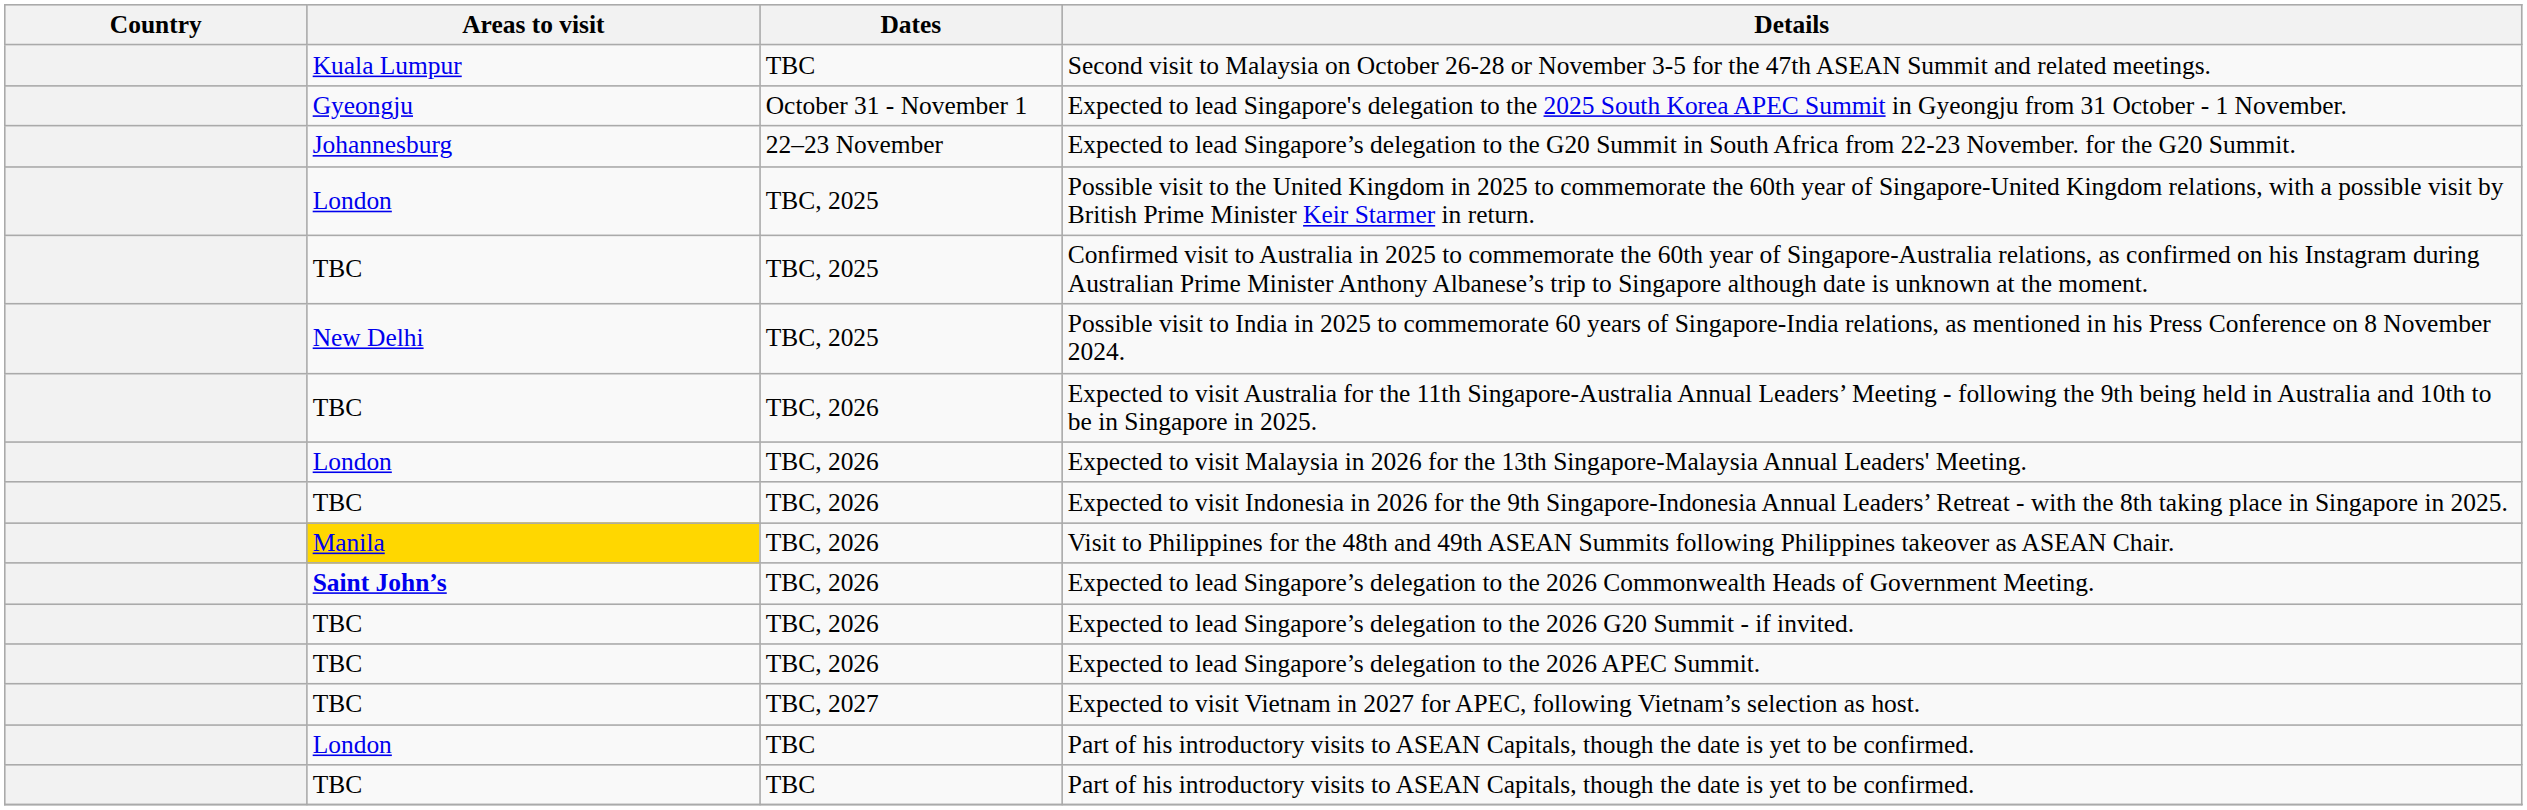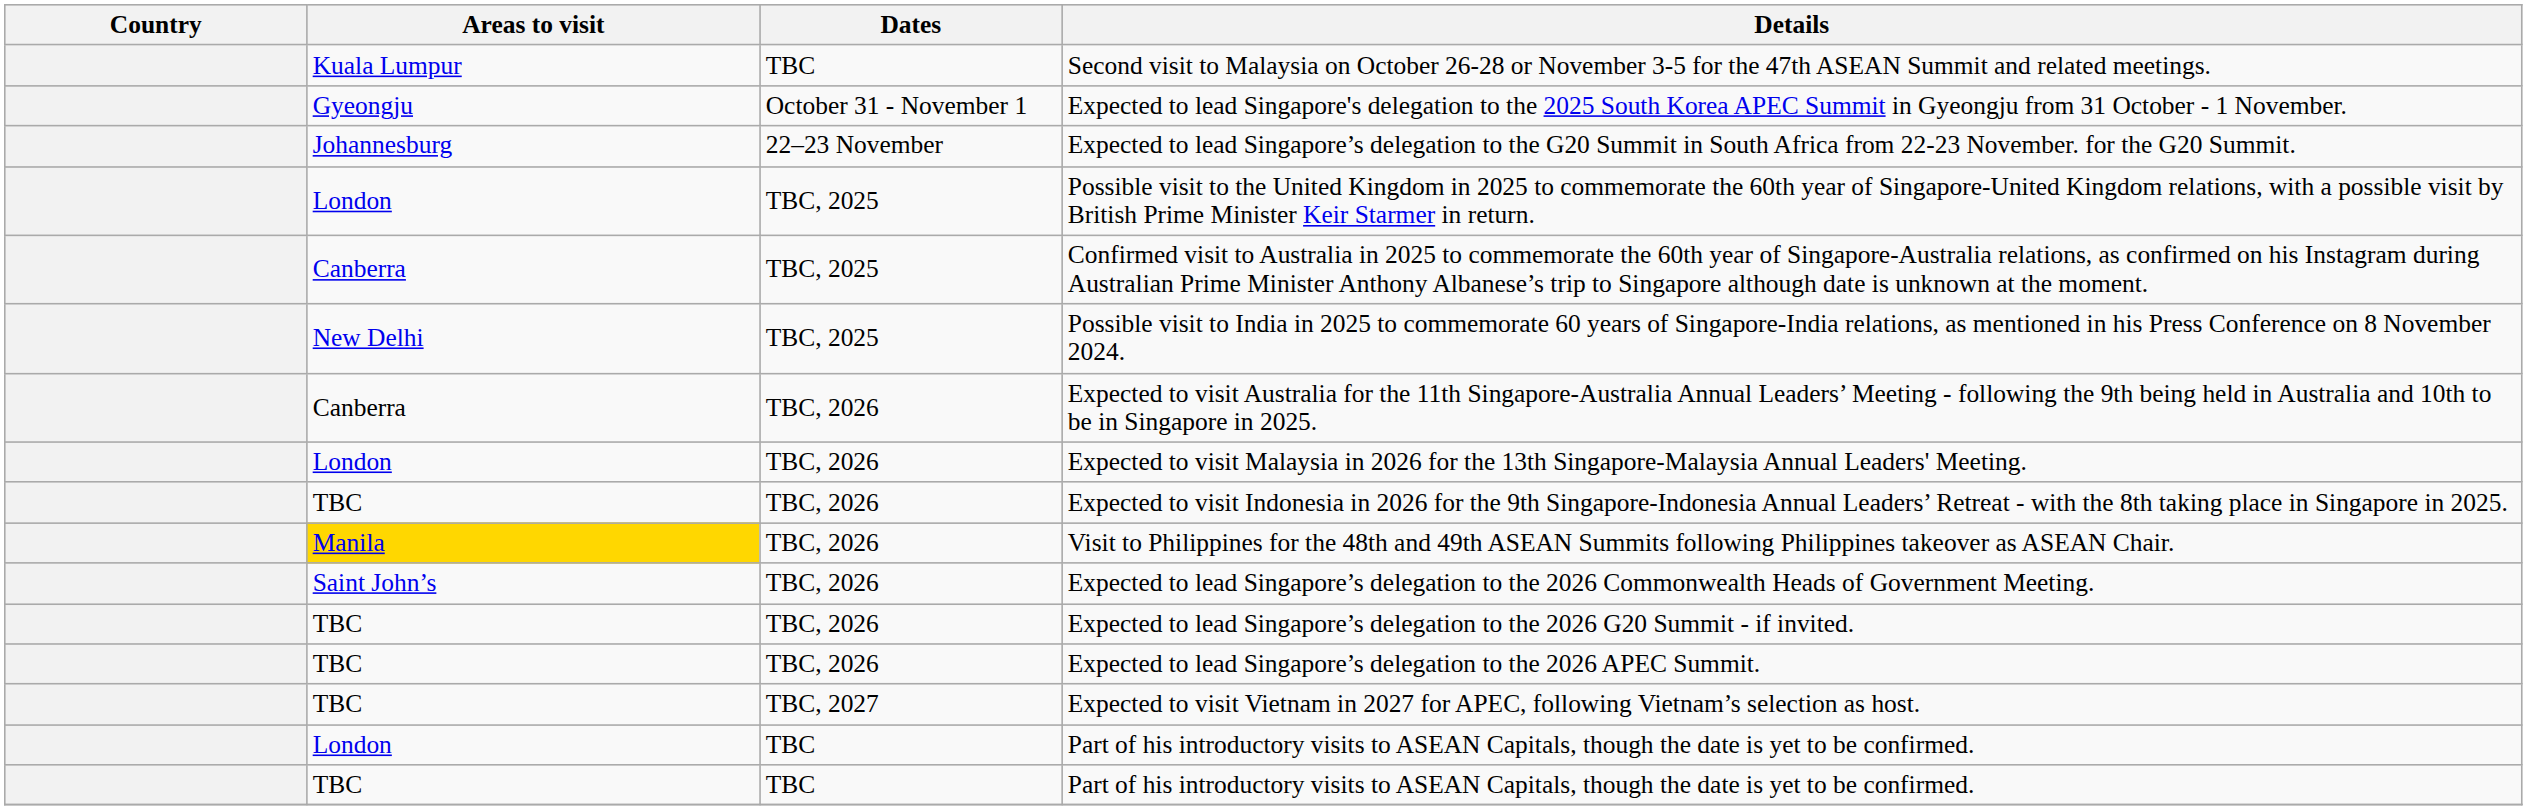 <table class="wikitable sortable" border="1" style="margin: 1em auto 1em auto">
 <tr>
 <th scope="col" style="width: 12%;">Country</th>
 <th scope="col" style="width: 18%;">Areas to visit</th>
 <th scope="col" style="width: 12%;">Dates</th>
 <th scope="col" style="width: 58%;" class="unsortable">Details</th>
 </tr>
 <tr>
 <th scope="row"></th>
 <td><a href='#'>Kuala Lumpur</a></td>
 <td>TBC</td>
 <td>Second visit to Malaysia on October 26-28 or November 3-5 for the 47th ASEAN Summit and related meetings.</td>
 </tr>
 <tr>
 <th scope="row"></th>
 <td><a href='#'>Gyeongju</a></td>
 <td>October 31 - November 1</td>
 <td>Expected to lead Singapore's delegation to the <a href='#'>2025 South Korea APEC Summit</a> in Gyeongju from 31 October - 1 November.</td>
 </tr>
 <tr>
 <th scope="row"></th>
 <td><a href='#'>Johannesburg</a></td>
 <td>22–23 November</td>
 <td>Expected to lead Singapore’s delegation to the G20 Summit in South Africa from 22-23 November. for the G20 Summit.</td>
 </tr>
 <tr>
 <th scope="row"></th>
 <td><a href='#'>London</a></td>
 <td>TBC, 2025</td>
 <td>Possible visit to the United Kingdom in 2025 to commemorate the 60th year of Singapore-United Kingdom relations, with a possible visit by British Prime Minister <a href='#'>Keir Starmer</a> in return.</td>
 </tr>
 <tr>
 <th scope="row"></th>
-<td>TBC</td>
+<td><a href='#'>Canberra</a></td>
 <td>TBC, 2025</td>
 <td>Confirmed visit to Australia in 2025 to commemorate the 60th year of Singapore-Australia relations, as confirmed on his Instagram during Australian Prime Minister Anthony Albanese’s trip to Singapore although date is unknown at the moment. </td>
 </tr>
 <tr>
 <th scope="row"></th>
 <td><a href='#'>New Delhi</a></td>
 <td>TBC, 2025</td>
 <td>Possible visit to India in 2025 to commemorate 60 years of Singapore-India relations, as mentioned in his Press Conference on 8 November 2024.</td>
 </tr>
 <tr>
 <th scope="row"></th>
-<td>TBC</td>
+<td>Canberra</td>
 <td>TBC, 2026</td>
 <td>Expected to visit Australia for the 11th Singapore-Australia Annual Leaders’ Meeting - following the 9th being held in Australia and 10th to be in Singapore in 2025.</td>
 </tr>
 <tr>
 <th scope="row"></th>
 <td><a href='#'>London</a></td>
 <td>TBC, 2026</td>
 <td>Expected to visit Malaysia in 2026 for the 13th Singapore-Malaysia Annual Leaders' Meeting.</td>
 </tr>
 <tr>
 <th scope="row"></th>
 <td>TBC</td>
 <td>TBC, 2026</td>
 <td>Expected to visit Indonesia in 2026 for the 9th Singapore-Indonesia Annual Leaders’ Retreat - with the 8th taking place in Singapore in 2025.</td>
 </tr>
 <tr>
 <th scope="row"></th>
 <td style="background: gold;"><a href='#'>Manila</a></td>
 <td>TBC, 2026</td>
 <td>Visit to Philippines for the 48th and 49th ASEAN Summits following Philippines takeover as ASEAN Chair.</td>
 </tr>
 <tr>
 <th scope="row"></th>
-<td><strong><a href='#'>Saint John’s</a></strong></td>
+<td><a href='#'>Saint John’s</a></td>
 <td>TBC, 2026</td>
 <td>Expected to lead Singapore’s delegation to the 2026 Commonwealth Heads of Government Meeting.</td>
 </tr>
 <tr>
 <th scope="row"></th>
 <td>TBC</td>
 <td>TBC, 2026</td>
 <td>Expected to lead Singapore’s delegation to the 2026 G20 Summit - if invited.</td>
 </tr>
 <tr>
 <th scope="row"></th>
 <td>TBC</td>
 <td>TBC, 2026</td>
 <td>Expected to lead Singapore’s delegation to the 2026 APEC Summit.</td>
 </tr>
 <tr>
 <th scope="row"></th>
 <td>TBC</td>
 <td>TBC, 2027</td>
 <td>Expected to visit Vietnam in 2027 for APEC, following Vietnam’s selection as host.</td>
 </tr>
 <tr>
 <th scope="row"></th>
 <td><a href='#'>London</a></td>
 <td>TBC</td>
 <td>Part of his introductory visits to ASEAN Capitals, though the date is yet to be confirmed.</td>
 </tr>
 <tr>
 <th scope="row"></th>
 <td>TBC</td>
 <td>TBC</td>
 <td>Part of his introductory visits to ASEAN Capitals, though the date is yet to be confirmed.</td>
 </tr>
 <tr>
 </tr>
 </table>
